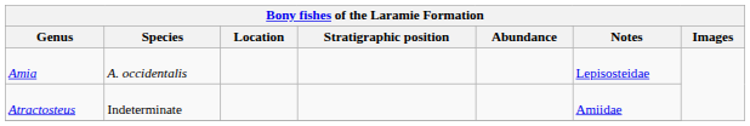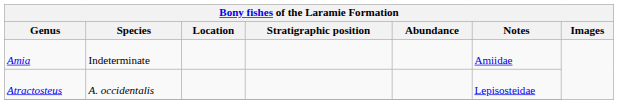 <table class="wikitable" align="center" width="100%">
 <tr>
 <th colspan="7" align="center"><strong><a href='#'>Bony fishes</a> of the Laramie Formation</strong></th>
 </tr>
 <tr>
 <th>Genus</th>
 <th>Species</th>
 <th>Location</th>
 <th>Stratigraphic position</th>
 <th>Abundance</th>
 <th>Notes</th>
 <th>Images</th>
 </tr>
 <tr>
 <td><br><em><a href='#'>Amia</a></em></td>
+<td><br>Indeterminate</td>
+<td></td>
+<td></td>
+<td></td>
+<td><br><a href='#'>Amiidae</a></td>
+<td rowspan="99"><br></td>
+</tr>
+<tr>
+<td><br><em><a href='#'>Atractosteus</a></em></td>
 <td><br><em>A. occidentalis</em></td>
 <td></td>
 <td></td>
 <td></td>
 <td><br><a href='#'>Lepisosteidae</a></td>
-<td rowspan="99"><br></td>
-</tr>
-<tr>
-<td><br><em><a href='#'>Atractosteus</a></em></td>
-<td><br>Indeterminate</td>
-<td></td>
-<td></td>
-<td></td>
-<td><br><a href='#'>Amiidae</a></td>
 </tr>
 <tr>
 </tr>
 </table>
